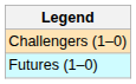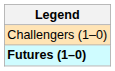 <table class=wikitable style=font-size:97%>
 <tr>
 <th>Legend</th>
 </tr>
 <tr bgcolor=moccasin>
 <td>Challengers (1–0)</td>
 </tr>
 <tr bgcolor=CFFCFF>
-<td>Futures (1–0)</td>
+<td><strong>Futures (1–0)</strong></td>
 </tr>
 </table>
